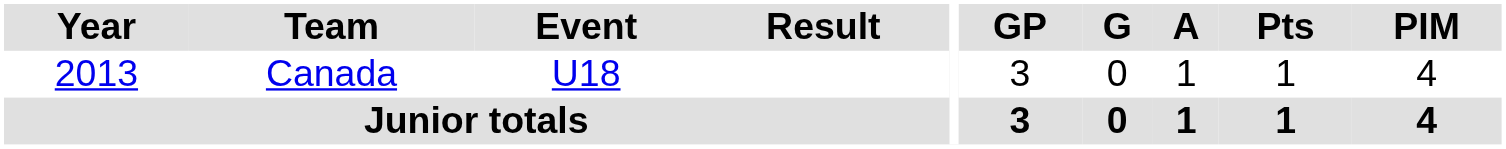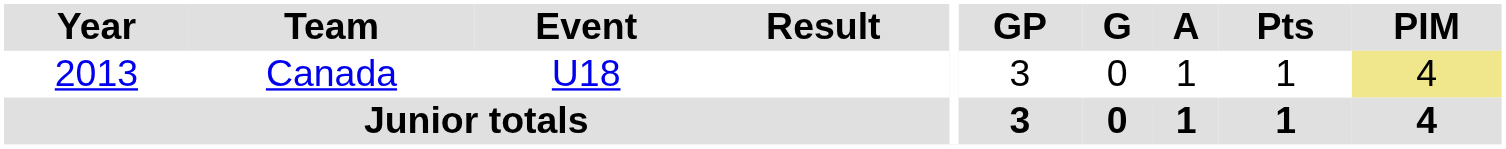 <table border="0" cellpadding="1" cellspacing="0" ID="Table3" style="text-align:center; width:40em">
 <tr bgcolor="#e0e0e0">
 <th>Year</th>
 <th>Team</th>
 <th>Event</th>
 <th>Result</th>
 <th rowspan="99" bgcolor="#ffffff"></th>
 <th>GP</th>
 <th>G</th>
 <th>A</th>
 <th>Pts</th>
 <th>PIM</th>
 </tr>
 <tr>
 <td><a href='#'>2013</a></td>
 <td><a href='#'>Canada</a></td>
 <td><a href='#'>U18</a></td>
 <td></td>
 <td>3</td>
 <td>0</td>
 <td>1</td>
 <td>1</td>
-<td>4</td>
+<td style="background: khaki;">4</td>
 </tr>
 <tr bgcolor="#e0e0e0">
 <th colspan=4>Junior totals</th>
 <th>3</th>
 <th>0</th>
 <th>1</th>
 <th>1</th>
 <th>4</th>
 </tr>
 </table>
